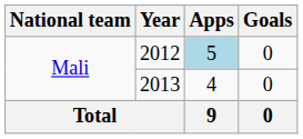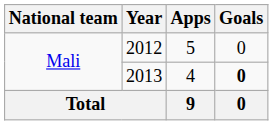 <table class="wikitable" style="text-align:center">
 <tr>
 <th>National team</th>
 <th>Year</th>
 <th>Apps</th>
 <th>Goals</th>
 </tr>
 <tr>
 <td rowspan="2"><a href='#'>Mali</a></td>
 <td>2012</td>
-<td style="background: lightblue;">5</td>
+<td>5</td>
 <td>0</td>
 </tr>
 <tr>
 <td>2013</td>
 <td>4</td>
-<td>0</td>
+<td><strong>0</strong></td>
 </tr>
 <tr>
 <th colspan="2">Total</th>
 <th>9</th>
 <th>0</th>
 </tr>
 </table>
